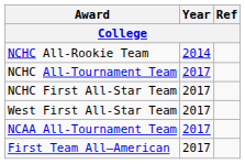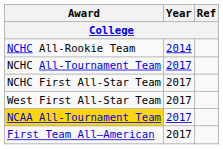 <table class="wikitable">
 <tr>
 <th>Award</th>
 <th>Year</th>
 <th>Ref</th>
 </tr>
 <tr>
 <th colspan="3"><a href='#'>College</a></th>
 </tr>
 <tr>
 <td><a href='#'>NCHC</a> All-Rookie Team</td>
 <td><a href='#'>2014</a></td>
 <td></td>
 </tr>
 <tr>
 <td>NCHC <a href='#'>All-Tournament Team</a></td>
 <td><a href='#'>2017</a></td>
 <td></td>
 </tr>
 <tr>
 <td>NCHC First All-Star Team</td>
 <td>2017</td>
 <td></td>
 </tr>
 <tr>
 <td>West First All-Star Team</td>
 <td>2017</td>
 <td></td>
 </tr>
 <tr>
-<td><a href='#'>NCAA All-Tournament Team</a></td>
+<td style="background: gold;"><a href='#'>NCAA All-Tournament Team</a></td>
 <td><a href='#'>2017</a></td>
 <td></td>
 </tr>
 <tr>
 <td><a href='#'>First Team All–American</a></td>
 <td>2017</td>
 <td></td>
 </tr>
 </table>
